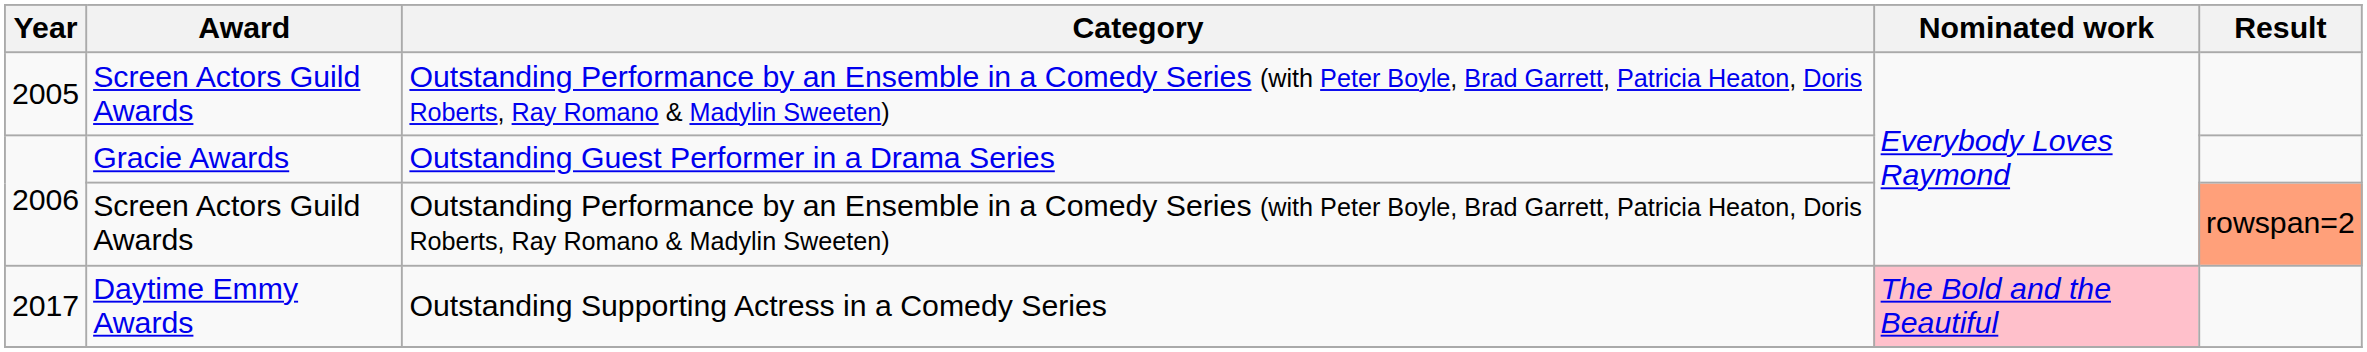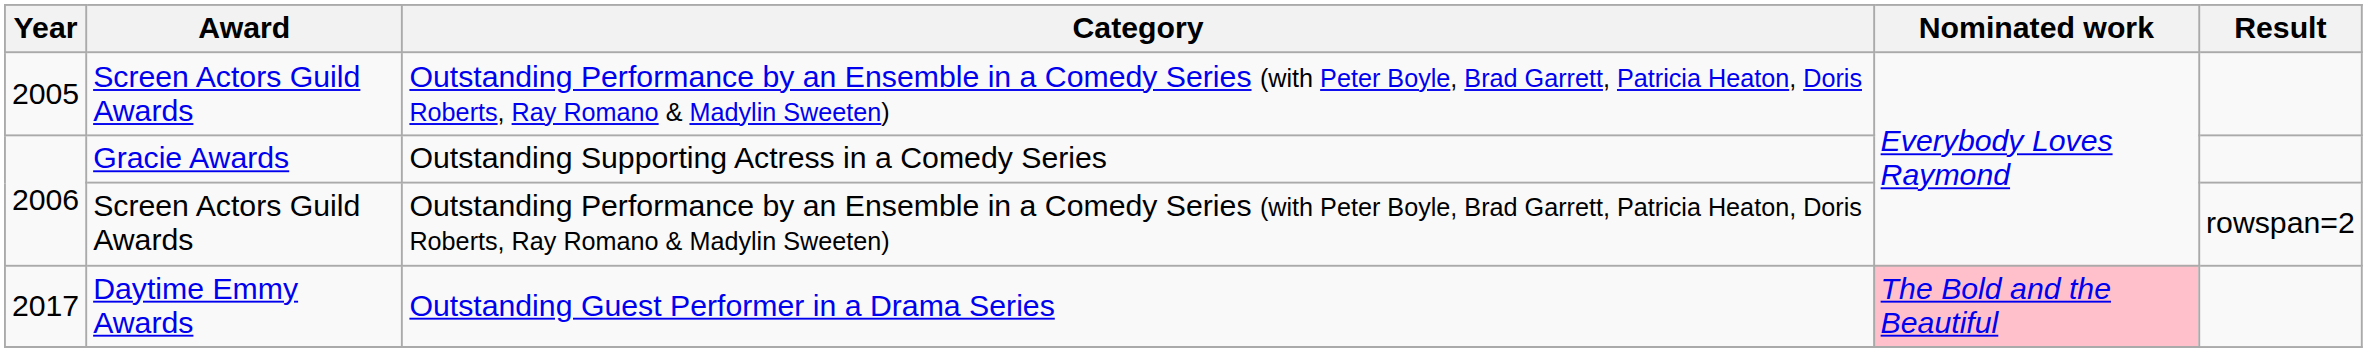 <table class="wikitable sortable">
 <tr>
 <th>Year</th>
 <th>Award</th>
 <th>Category</th>
 <th>Nominated work</th>
 <th>Result</th>
 </tr>
 <tr>
 <td>2005</td>
 <td><a href='#'>Screen Actors Guild Awards</a></td>
 <td><a href='#'>Outstanding Performance by an Ensemble in a Comedy Series</a> <small>(with <a href='#'>Peter Boyle</a>, <a href='#'>Brad Garrett</a>, <a href='#'>Patricia Heaton</a>, <a href='#'>Doris Roberts</a>, <a href='#'>Ray Romano</a> & <a href='#'>Madylin Sweeten</a>)</small></td>
 <td rowspan=3><em><a href='#'>Everybody Loves Raymond</a></em></td>
 <td></td>
 </tr>
 <tr>
 <td rowspan=2>2006</td>
 <td><a href='#'>Gracie Awards</a></td>
-<td><a href='#'>Outstanding Guest Performer in a Drama Series</a></td>
+<td>Outstanding Supporting Actress in a Comedy Series</td>
 <td></td>
 </tr>
 <tr>
 <td>Screen Actors Guild Awards</td>
 <td>Outstanding Performance by an Ensemble in a Comedy Series <small>(with Peter Boyle, Brad Garrett, Patricia Heaton, Doris Roberts, Ray Romano & Madylin Sweeten)</small></td>
-<td style="background: lightsalmon;">rowspan=2 </td>
+<td>rowspan=2 </td>
 </tr>
 <tr>
 <td>2017</td>
 <td><a href='#'>Daytime Emmy Awards</a></td>
-<td>Outstanding Supporting Actress in a Comedy Series</td>
+<td><a href='#'>Outstanding Guest Performer in a Drama Series</a></td>
 <td style="background: pink;"><em><a href='#'>The Bold and the Beautiful</a></em></td>
 </tr>
 <tr>
 </tr>
 </table>
